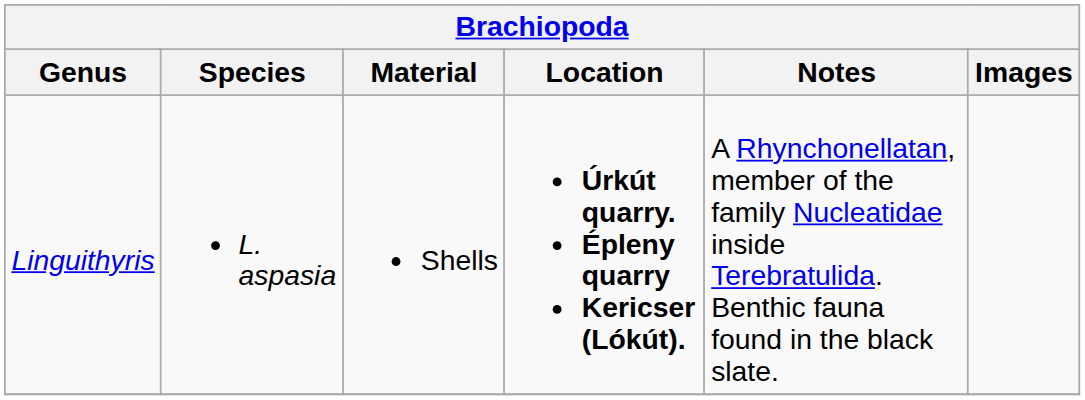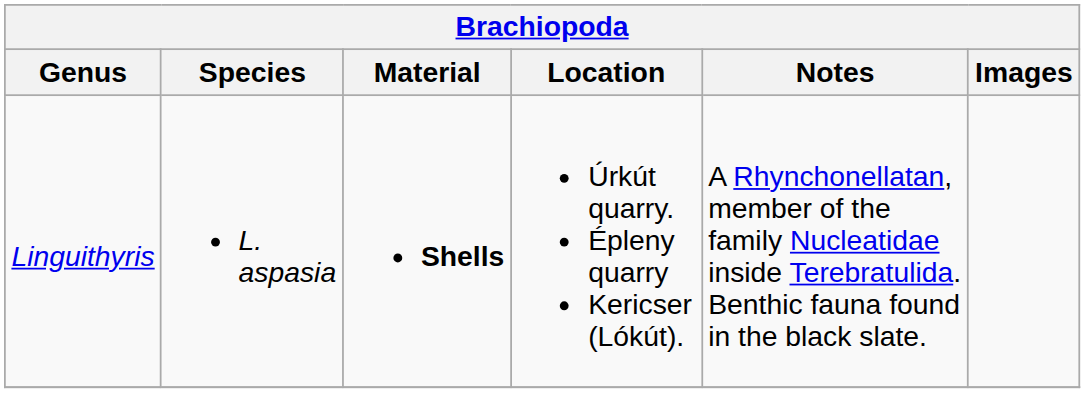 <table class="wikitable" align="center">
 <tr>
 <th colspan="6" align="center"><strong><a href='#'>Brachiopoda</a></strong></th>
 </tr>
 <tr>
 <th>Genus</th>
 <th>Species</th>
 <th>Material</th>
 <th>Location</th>
 <th>Notes</th>
 <th>Images</th>
 </tr>
 <tr>
 <td><br><em><a href='#'>Linguithyris</a></em></td>
 <td><br><ul><li><em>L. aspasia</em></li></ul></td>
-<td><br><ul><li>Shells</li></ul></td>
-<td><strong><br><ul><li>Úrkút quarry.</li><li>Épleny quarry</li><li>Kericser (Lókút).</li></ul></strong></td>
+<td><strong><br><ul><li>Shells</li></ul></strong></td>
+<td><br><ul><li>Úrkút quarry.</li><li>Épleny quarry</li><li>Kericser (Lókút).</li></ul></td>
 <td><br>A <a href='#'>Rhynchonellatan</a>, member of the family <a href='#'>Nucleatidae</a> inside <a href='#'>Terebratulida</a>. Benthic fauna found in the black slate.</td>
 <td></td>
 </tr>
 <tr>
 </tr>
 </table>
